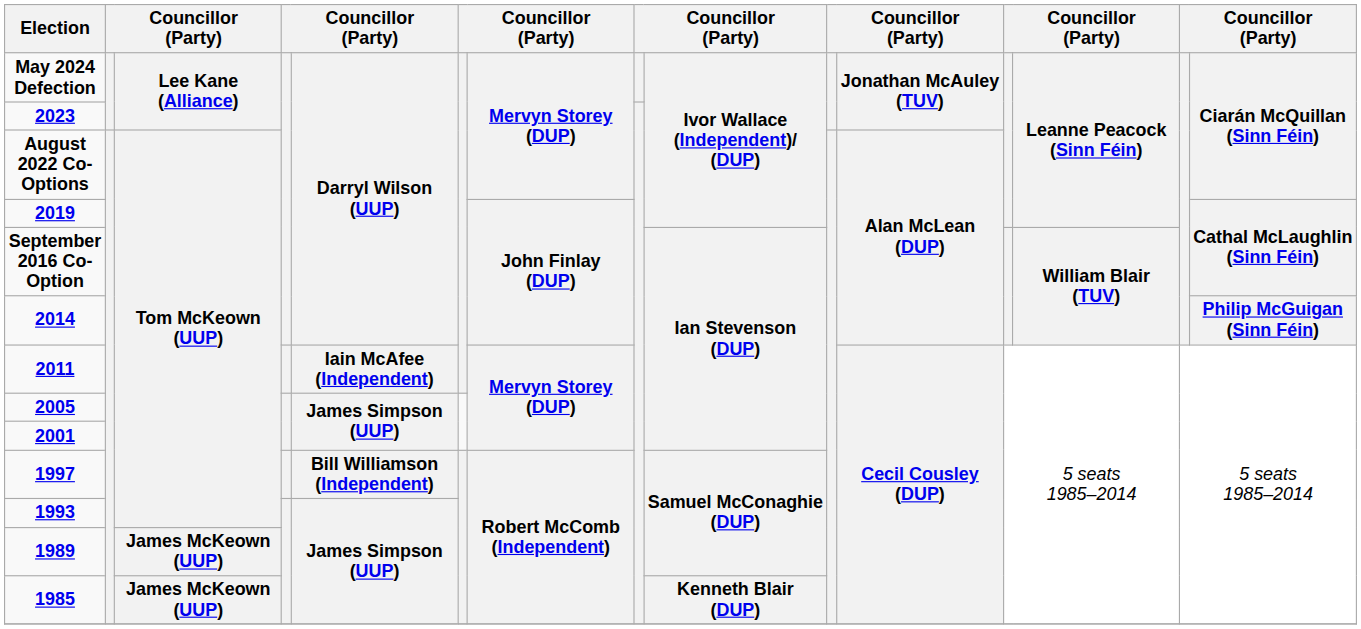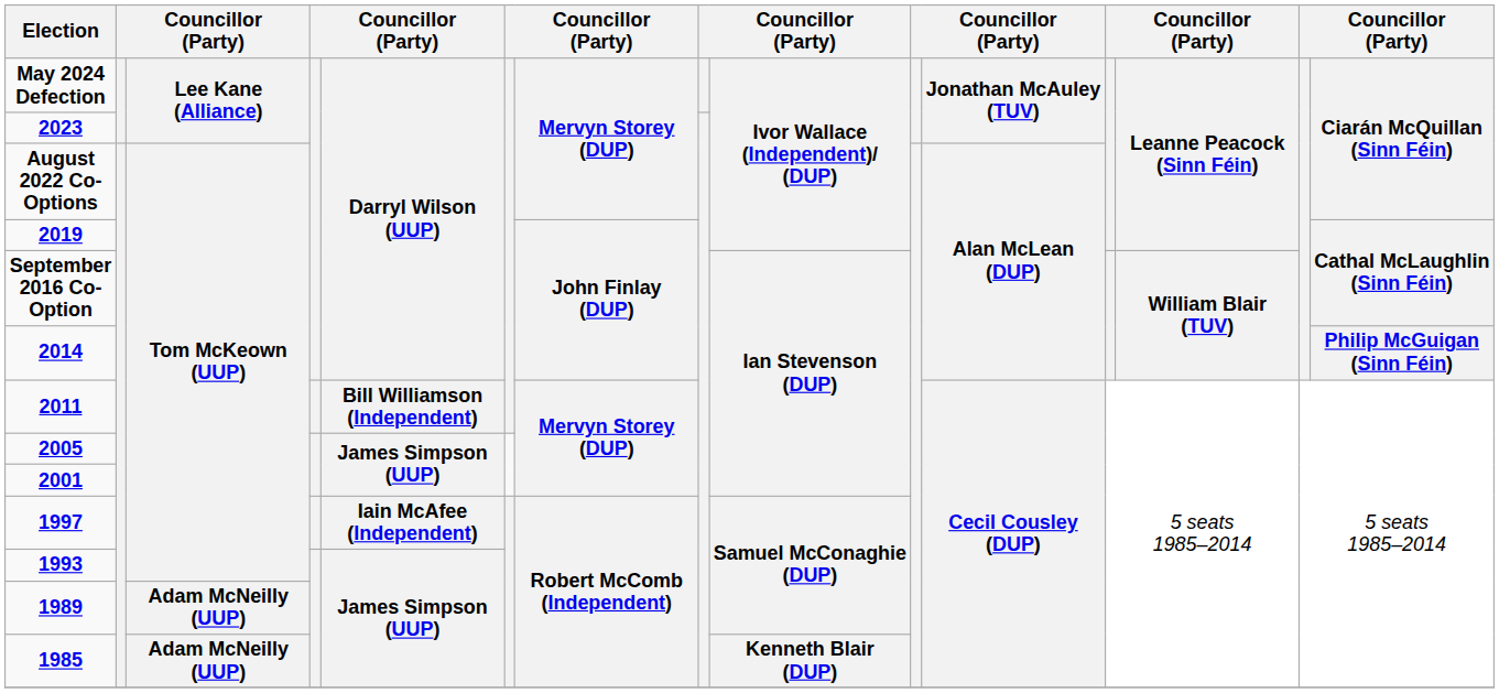 <table class="wikitable" style="text-align:center">
 <tr>
 <th scope="col" width="50">Election</th>
 <th scope="col" width="150" colspan = "2">Councillor<br> (Party)</th>
 <th scope="col" width="150" colspan = "2">Councillor<br> (Party)</th>
 <th scope="col" width="150" colspan = "2">Councillor<br> (Party)</th>
 <th scope="col" width="150" colspan = "2">Councillor<br> (Party)</th>
 <th scope="col" width="150" colspan = "2">Councillor<br> (Party)</th>
 <th scope="col" width="150" colspan = "2">Councillor<br> (Party)</th>
 <th scope="col" width="150" colspan = "2">Councillor<br> (Party)</th>
 </tr>
 <tr>
 <td><strong>May 2024 Defection</strong></td>
 <th rowspan="2" width="1" style="background-color: "></th>
 <th rowspan = "2">Lee Kane <br> (<a href='#'>Alliance</a>)</th>
 <th rowspan="6" width="1" style="background-color: "></th>
 <th rowspan = "6">Darryl Wilson <br> (<a href='#'>UUP</a>)</th>
 <th rowspan="7" width="1" style="background-color: "></th>
 <th rowspan = "3"><a href='#'>Mervyn Storey</a> <br> (<a href='#'>DUP</a>)</th>
 <th rowspan="1" width="1" style="background-color: "></th>
 <th rowspan = "4">Ivor Wallace <br> (<a href='#'>Independent</a>)/ <br> (<a href='#'>DUP</a>)</th>
 <th rowspan="2" width="1" style="background-color: "></th>
 <th rowspan = "2">Jonathan McAuley <br> (<a href='#'>TUV</a>)</th>
 <th rowspan="4" width="1" style="background-color: "></th>
 <th rowspan = "4">Leanne Peacock <br> (<a href='#'>Sinn Féin</a>)</th>
 <th rowspan="6" width="1" style="background-color: "></th>
 <th rowspan = "3">Ciarán McQuillan <br> (<a href='#'>Sinn Féin</a>)</th>
 </tr>
 <tr>
 <td><strong><a href='#'>2023</a></strong></td>
 <th rowspan="12" width="1" style="background-color: "></th>
 </tr>
 <tr>
 <td><strong>August 2022 Co-Options</strong></td>
 <th rowspan="11" width="1" style="background-color: "></th>
 <th rowspan = "9">Tom McKeown <br> (<a href='#'>UUP</a>)</th>
 <th rowspan="11" width="1" style="background-color: "></th>
 <th rowspan = "4">Alan McLean <br> (<a href='#'>DUP</a>)</th>
 </tr>
 <tr>
 <td><strong><a href='#'>2019</a></strong></td>
 <th rowspan = "3">John Finlay <br> (<a href='#'>DUP</a>)</th>
 <th rowspan = "2">Cathal McLaughlin <br> (<a href='#'>Sinn Féin</a>)</th>
 </tr>
 <tr>
 <td><strong>September 2016 Co-Option</strong></td>
 <th rowspan = "5">Ian Stevenson <br> (<a href='#'>DUP</a>)</th>
 <th rowspan="2" width="1" style="background-color: "></th>
 <th rowspan = "2">William Blair <br> (<a href='#'>TUV</a>)</th>
 </tr>
 <tr>
 <td><strong><a href='#'>2014</a></strong></td>
 <th rowspan = "1"><a href='#'>Philip McGuigan</a> <br> (<a href='#'>Sinn Féin</a>)</th>
 </tr>
 <tr>
 <td><strong><a href='#'>2011</a></strong></td>
 <th rowspan="1" width="1" style="background-color: "></th>
-<th rowspan = "1">Iain McAfee <br> (<a href='#'>Independent</a>)</th>
+<th rowspan = "1">Bill Williamson <br> (<a href='#'>Independent</a>)</th>
 <th rowspan = "3"><a href='#'>Mervyn Storey</a> <br> (<a href='#'>DUP</a>)</th>
 <th rowspan = "7"><a href='#'>Cecil Cousley</a> <br> (<a href='#'>DUP</a>)</th>
 <td colspan="2" rowspan="7" style="background-color:#FFFFFF"><em>5 seats<br>1985–2014</em></td>
 <td colspan="2" rowspan="7" style="background-color:#FFFFFF"><em>5 seats<br>1985–2014</em></td>
 </tr>
 <tr>
 <td><strong><a href='#'>2005</a></strong></td>
 <th rowspan="2" width="1" style="background-color: "></th>
 <th rowspan = "2">James Simpson <br> (<a href='#'>UUP</a>)</th>
 </tr>
 <tr>
 <td><strong><a href='#'>2001</a></strong></td>
 </tr>
 <tr>
 <td><strong><a href='#'>1997</a></strong></td>
 <th rowspan="1" width="1" style="background-color: "></th>
-<th rowspan = "1">Bill Williamson <br> (<a href='#'>Independent</a>)</th>
+<th rowspan = "1">Iain McAfee <br> (<a href='#'>Independent</a>)</th>
 <th rowspan="4" width="1" style="background-color: "></th>
 <th rowspan = "4">Robert McComb <br> (<a href='#'>Independent</a>)</th>
 <th rowspan = "3">Samuel McConaghie <br> (<a href='#'>DUP</a>)</th>
 </tr>
 <tr>
 <td><strong><a href='#'>1993</a></strong></td>
 <th rowspan="3" width="1" style="background-color: "></th>
 <th rowspan = "3">James Simpson <br> (<a href='#'>UUP</a>)</th>
 </tr>
 <tr>
 <td><strong><a href='#'>1989</a></strong></td>
-<th rowspan = "1">James McKeown <br> (<a href='#'>UUP</a>)</th>
+<th rowspan = "1">Adam McNeilly <br> (<a href='#'>UUP</a>)</th>
 </tr>
 <tr>
 <td><strong><a href='#'>1985</a></strong></td>
-<th rowspan = "1">James McKeown <br> (<a href='#'>UUP</a>)</th>
+<th rowspan = "1">Adam McNeilly <br> (<a href='#'>UUP</a>)</th>
 <th rowspan = "1">Kenneth Blair <br> (<a href='#'>DUP</a>)</th>
 </tr>
 <tr>
 </tr>
 </table>
